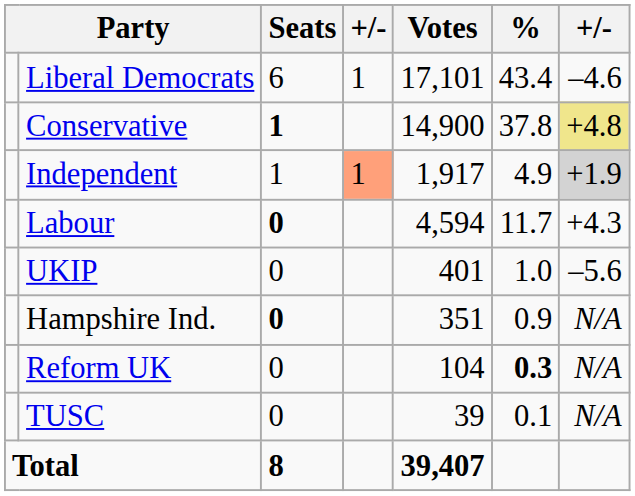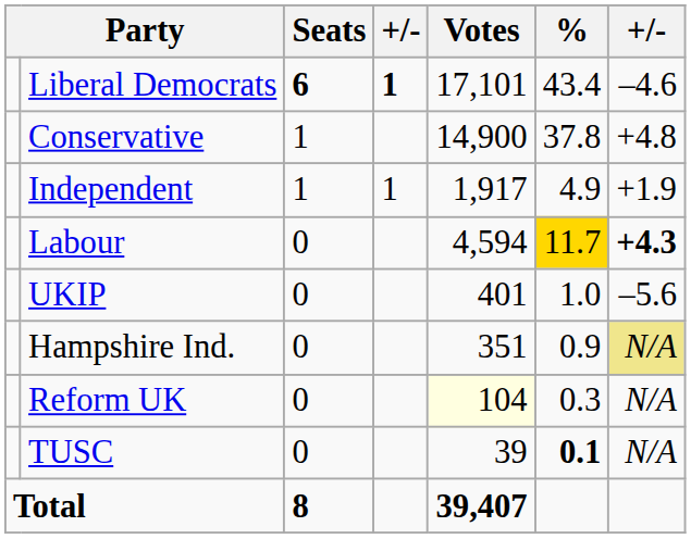 <table class="wikitable sortable">
 <tr>
 <th colspan="2">Party</th>
 <th>Seats</th>
 <th>+/-</th>
 <th>Votes</th>
 <th>%</th>
 <th>+/-</th>
 </tr>
 <tr>
 <td style="background-color: "></td>
 <td><a href='#'>Liberal Democrats</a></td>
-<td>6</td>
-<td> 1</td>
+<td><strong>6</strong></td>
+<td><strong> 1</strong></td>
 <td style="text-align:right;">17,101</td>
 <td style="text-align:right;">43.4</td>
 <td style="text-align:right;">–4.6</td>
 </tr>
 <tr>
 <td style="background-color: "></td>
 <td><a href='#'>Conservative</a></td>
-<td><strong>1</strong></td>
+<td>1</td>
 <td></td>
 <td style="text-align:right;">14,900</td>
 <td style="text-align:right;">37.8</td>
-<td style="background: khaki; text-align:right;">+4.8</td>
+<td style="text-align:right;">+4.8</td>
 </tr>
 <tr>
 <td style="background-color: "></td>
 <td><a href='#'>Independent</a></td>
 <td>1</td>
-<td style="background: lightsalmon;"> 1</td>
+<td> 1</td>
 <td style="text-align:right;">1,917</td>
 <td style="text-align:right;">4.9</td>
-<td style="background: lightgrey; text-align:right;">+1.9</td>
+<td style="text-align:right;">+1.9</td>
 </tr>
 <tr>
 <td style="background-color: "></td>
 <td><a href='#'>Labour</a></td>
-<td><strong>0</strong></td>
+<td>0</td>
 <td></td>
 <td style="text-align:right;">4,594</td>
-<td style="text-align:right;">11.7</td>
-<td style="text-align:right;">+4.3</td>
+<td style="background: gold; text-align:right;">11.7</td>
+<td style="text-align:right;"><strong>+4.3</strong></td>
 </tr>
 <tr>
 <td style="background-color: "></td>
 <td><a href='#'>UKIP</a></td>
 <td>0</td>
 <td></td>
 <td style="text-align:right;">401</td>
 <td style="text-align:right;">1.0</td>
 <td style="text-align:right;">–5.6</td>
 </tr>
 <tr>
 <td style="background-color: "></td>
 <td>Hampshire Ind.</td>
-<td><strong>0</strong></td>
+<td>0</td>
 <td></td>
 <td style="text-align:right;">351</td>
 <td style="text-align:right;">0.9</td>
-<td style="text-align:right;"><em>N/A</em></td>
+<td style="background: khaki; text-align:right;"><em>N/A</em></td>
 </tr>
 <tr>
 <td style="background-color: "></td>
 <td><a href='#'>Reform UK</a></td>
 <td>0</td>
 <td></td>
-<td style="text-align:right;">104</td>
-<td style="text-align:right;"><strong>0.3</strong></td>
+<td style="background: lightyellow; text-align:right;">104</td>
+<td style="text-align:right;">0.3</td>
 <td style="text-align:right;"><em>N/A</em></td>
 </tr>
 <tr>
 <td style="background-color: "></td>
 <td><a href='#'>TUSC</a></td>
 <td>0</td>
 <td></td>
 <td style="text-align:right;">39</td>
-<td style="text-align:right;">0.1</td>
+<td style="text-align:right;"><strong>0.1</strong></td>
 <td style="text-align:right;"><em>N/A</em></td>
 </tr>
 <tr>
 <td colspan="2"><strong>Total</strong></td>
 <td><strong>8</strong></td>
 <td></td>
 <td style="text-align:right;"><strong>39,407</strong></td>
 <td style="text-align:right;"></td>
 <td style="text-align:right;"></td>
 </tr>
 </table>
